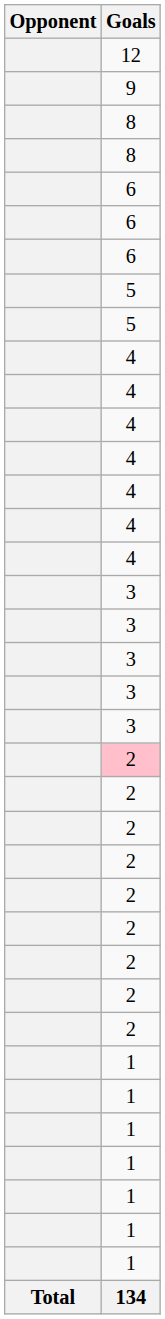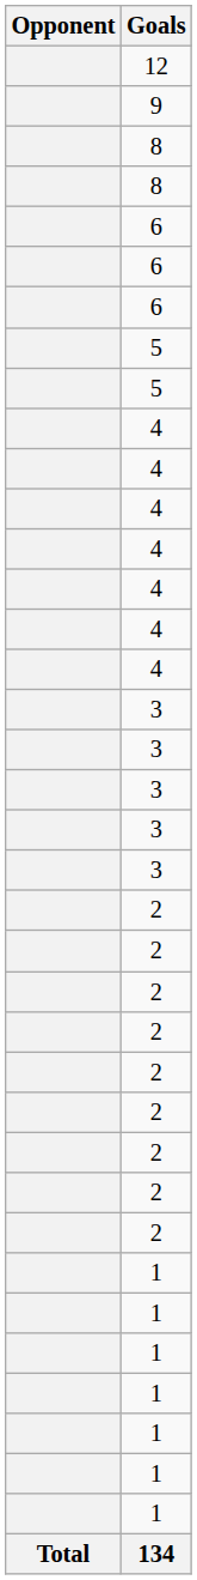 <table class="wikitable plainrowheaders sortable" style="text-align:center; font-size:95%">
 <tr>
 <th scope="col">Opponent</th>
 <th scope="col">Goals</th>
 </tr>
 <tr>
 <th scope="row"></th>
 <td>12</td>
 </tr>
 <tr>
 <th scope="row"></th>
 <td>9</td>
 </tr>
 <tr>
 <th scope="row"></th>
 <td>8</td>
 </tr>
 <tr>
 <th scope="row"></th>
 <td>8</td>
 </tr>
 <tr>
 <th scope="row"></th>
 <td>6</td>
 </tr>
 <tr>
 <th scope="row"></th>
 <td>6</td>
 </tr>
 <tr>
 <th scope="row"></th>
 <td>6</td>
 </tr>
 <tr>
 <th scope="row"></th>
 <td>5</td>
 </tr>
 <tr>
 <th scope="row"></th>
 <td>5</td>
 </tr>
 <tr>
 <th scope="row"></th>
 <td>4</td>
 </tr>
 <tr>
 <th scope="row"></th>
 <td>4</td>
 </tr>
 <tr>
 <th scope="row"></th>
 <td>4</td>
 </tr>
 <tr>
 <th scope="row"></th>
 <td>4</td>
 </tr>
 <tr>
 <th scope="row"></th>
 <td>4</td>
 </tr>
 <tr>
 <th scope="row"></th>
 <td>4</td>
 </tr>
 <tr>
 <th scope="row"></th>
 <td>4</td>
 </tr>
 <tr>
 <th scope="row"></th>
 <td>3</td>
 </tr>
 <tr>
 <th scope="row"></th>
 <td>3</td>
 </tr>
 <tr>
 <th scope="row"></th>
 <td>3</td>
 </tr>
 <tr>
 <th scope="row"></th>
 <td>3</td>
 </tr>
 <tr>
 <th scope="row"></th>
 <td>3</td>
 </tr>
 <tr>
 <th scope="row"></th>
-<td style="background: pink;">2</td>
+<td>2</td>
 </tr>
 <tr>
 <th scope="row"></th>
 <td>2</td>
 </tr>
 <tr>
 <th scope="row"></th>
 <td>2</td>
 </tr>
 <tr>
 <th scope="row"></th>
 <td>2</td>
 </tr>
 <tr>
 <th scope="row"></th>
 <td>2</td>
 </tr>
 <tr>
 <th scope="row"></th>
 <td>2</td>
 </tr>
 <tr>
 <th scope="row"></th>
 <td>2</td>
 </tr>
 <tr>
 <th scope="row"></th>
 <td>2</td>
 </tr>
 <tr>
 <th scope="row"></th>
 <td>2</td>
 </tr>
 <tr>
 <th scope="row"></th>
 <td>1</td>
 </tr>
 <tr>
 <th scope="row"></th>
 <td>1</td>
 </tr>
 <tr>
 <th scope="row"></th>
 <td>1</td>
 </tr>
 <tr>
 <th scope="row"></th>
 <td>1</td>
 </tr>
 <tr>
 <th scope="row"></th>
 <td>1</td>
 </tr>
 <tr>
 <th scope="row"></th>
 <td>1</td>
 </tr>
 <tr>
 <th scope="row"></th>
 <td>1</td>
 </tr>
 <tr>
 <th>Total</th>
 <th>134</th>
 </tr>
 </table>
